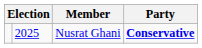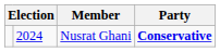 <table class="wikitable">
 <tr>
 <th colspan="2">Election</th>
 <th>Member</th>
 <th>Party</th>
 </tr>
 <tr>
 <td style="color:inherit;background-color: "></td>
-<td><a href='#'>2025</a></td>
+<td><a href='#'>2024</a></td>
 <td><a href='#'>Nusrat Ghani</a></td>
 <td><strong><a href='#'>Conservative</a></strong></td>
 </tr>
 </table>
